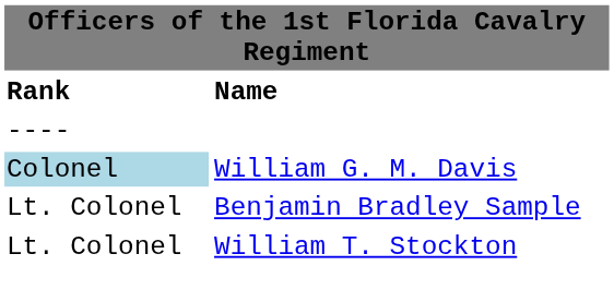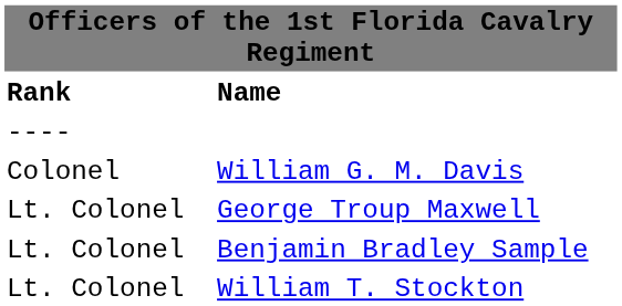 <table class="toccolours" style="fixed: left; margin-left: 1em;" width="300px">
 <tr>
 <th colspan="2" style="text-align: center; background:grey"><span><strong>Officers of the 1st Florida Cavalry Regiment</strong></span></th>
 </tr>
 <tr>
 <td><strong>Rank</strong></td>
 <td><strong>Name</strong></td>
 </tr>
 <tr>
 <td colspan="2">----</td>
 </tr>
 <tr>
-<td style="background: lightblue;">Colonel</td>
+<td>Colonel</td>
 <td><a href='#'>William G. M. Davis</a></td>
+</tr>
+<tr>
+<td>Lt. Colonel</td>
+<td><a href='#'>George Troup Maxwell</a></td>
 </tr>
 <tr>
 <td>Lt. Colonel</td>
 <td><a href='#'>Benjamin Bradley Sample</a></td>
 </tr>
 <tr>
 <td>Lt. Colonel</td>
 <td><a href='#'>William T. Stockton</a></td>
 </tr>
 <tr>
 </tr>
 </table>
